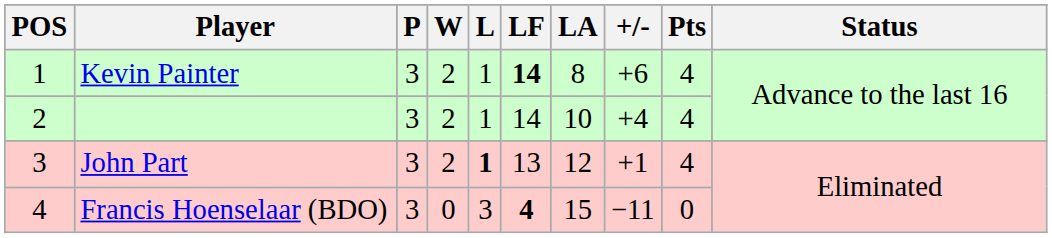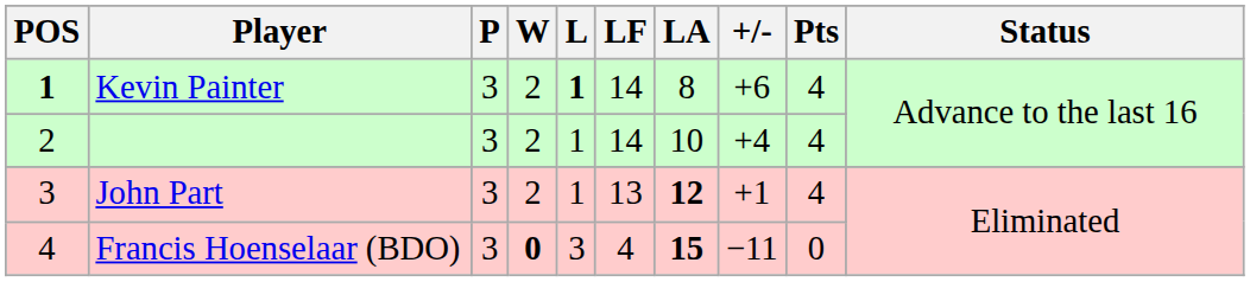 <table class="wikitable" style="text-align:center; margin: 1em auto 1em auto, align:left">
 <tr>
 <th width=20>POS</th>
 <th width=173>Player</th>
 <th width=3>P</th>
 <th width=3>W</th>
 <th width=3>L</th>
 <th width=20>LF</th>
 <th width=20>LA</th>
 <th width=20>+/-</th>
 <th width=20>Pts</th>
 <th width=179>Status</th>
 </tr>
 <tr style="background:#CCFFCC;">
-<td>1</td>
+<td><strong>1</strong></td>
 <td style="text-align:left;"> <a href='#'>Kevin Painter</a></td>
 <td>3</td>
 <td>2</td>
-<td>1</td>
-<td><strong>14</strong></td>
+<td><strong>1</strong></td>
+<td>14</td>
 <td>8</td>
 <td>+6</td>
 <td>4</td>
 <td rowspan=2>Advance to the last 16</td>
 </tr>
 <tr style="background:#CCFFCC;">
 <td>2</td>
 <td style="text-align:left;"></td>
 <td>3</td>
 <td>2</td>
 <td>1</td>
 <td>14</td>
 <td>10</td>
 <td>+4</td>
 <td>4</td>
 </tr>
 <tr style="background:#FFCCCC;">
 <td>3</td>
 <td style="text-align:left;"> <a href='#'>John Part</a></td>
 <td>3</td>
 <td>2</td>
-<td><strong>1</strong></td>
+<td>1</td>
 <td>13</td>
-<td>12</td>
+<td><strong>12</strong></td>
 <td>+1</td>
 <td>4</td>
 <td rowspan=2>Eliminated</td>
 </tr>
 <tr style="background:#FFCCCC;">
 <td>4</td>
 <td style="text-align:left;"> <a href='#'>Francis Hoenselaar</a> (BDO)</td>
 <td>3</td>
-<td>0</td>
+<td><strong>0</strong></td>
 <td>3</td>
-<td><strong>4</strong></td>
-<td>15</td>
+<td>4</td>
+<td><strong>15</strong></td>
 <td>−11</td>
 <td>0</td>
 </tr>
 </table>
